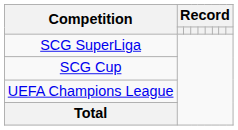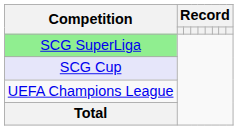 <table class="wikitable" style="text-align: center">
 <tr>
 <th rowspan=2>Competition</th>
 <th colspan=8>Record</th>
 </tr>
 <tr>
 <th></th>
 <th></th>
 <th></th>
 <th></th>
 <th></th>
 <th></th>
 <th></th>
 <th></th>
 </tr>
 <tr>
-<td><a href='#'>SCG SuperLiga</a><br></td>
+<td style="background: lightgreen;"><a href='#'>SCG SuperLiga</a><br></td>
 </tr>
 <tr>
-<td><a href='#'>SCG Cup</a><br></td>
+<td style="background: lavender;"><a href='#'>SCG Cup</a><br></td>
 </tr>
 <tr>
 <td><a href='#'>UEFA Champions League</a><br></td>
 </tr>
 <tr>
 <th>Total<br></th>
 </tr>
 </table>
